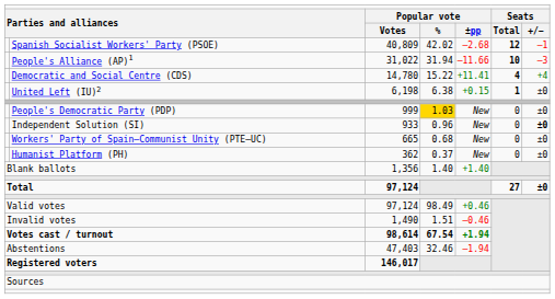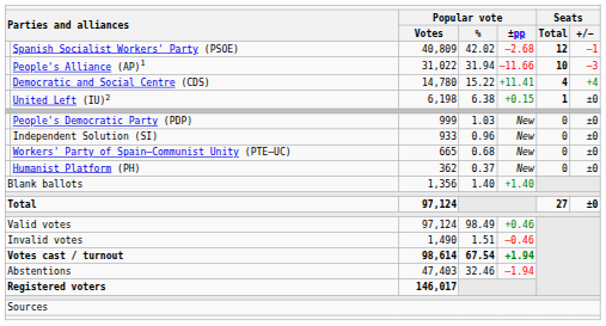 <table class="wikitable" style="text-align:right;">
 <tr>
 <td colspan="7"></td>
 </tr>
 <tr>
 <th style="text-align:left;" rowspan="2" colspan="2" width="525">Parties and alliances</th>
 <th colspan="3">Popular vote</th>
 <th colspan="2">Seats</th>
 </tr>
 <tr>
 <th width="75">Votes</th>
 <th width="45">%</th>
 <th width="45">±<a href='#'>pp</a></th>
 <th width="35">Total</th>
 <th width="35">+/−</th>
 </tr>
 <tr>
 <td width="1" style="color:inherit;background:"></td>
 <td align="left"><a href='#'>Spanish Socialist Workers' Party</a> (PSOE)</td>
 <td>40,809</td>
 <td>42.02</td>
 <td style="color:red;">–2.68</td>
 <td><strong>12</strong></td>
 <td style="color:red;">–1</td>
 </tr>
 <tr>
 <td style="color:inherit;background:"></td>
 <td align="left"><a href='#'>People's Alliance</a> (AP)<sup>1</sup></td>
 <td>31,022</td>
 <td>31.94</td>
 <td style="color:red;">–11.66</td>
 <td><strong>10</strong></td>
 <td style="color:red;">–3</td>
 </tr>
 <tr>
 <td style="color:inherit;background:"></td>
 <td align="left"><a href='#'>Democratic and Social Centre</a> (CDS)</td>
 <td>14,780</td>
 <td>15.22</td>
 <td style="color:green;">+11.41</td>
 <td><strong>4</strong></td>
 <td style="color:green;">+4</td>
 </tr>
 <tr>
 <td style="color:inherit;background:"></td>
 <td align="left"><a href='#'>United Left</a> (IU)<sup>2</sup></td>
 <td>6,198</td>
 <td>6.38</td>
 <td style="color:green;">+0.15</td>
 <td><strong>1</strong></td>
 <td>±0</td>
 </tr>
 <tr>
 <td colspan="7" bgcolor="#C0C0C0"></td>
 </tr>
 <tr>
 <td style="color:inherit;background:"></td>
 <td align="left"><a href='#'>People's Democratic Party</a> (PDP)</td>
 <td>999</td>
-<td style="background: gold;">1.03</td>
+<td>1.03</td>
 <td><em>New</em></td>
 <td>0</td>
 <td>±0</td>
 </tr>
 <tr>
 <td style="color:inherit;background:"></td>
 <td align="left">Independent Solution (SI)</td>
 <td>933</td>
 <td>0.96</td>
 <td><em>New</em></td>
 <td>0</td>
-<td><strong>±0</strong></td>
+<td>±0</td>
 </tr>
 <tr>
 <td style="color:inherit;background:"></td>
 <td align="left"><a href='#'>Workers' Party of Spain–Communist Unity</a> (PTE–UC)</td>
 <td>665</td>
 <td>0.68</td>
 <td><em>New</em></td>
 <td>0</td>
 <td>±0</td>
 </tr>
 <tr>
 <td style="color:inherit;background:"></td>
 <td align="left"><a href='#'>Humanist Platform</a> (PH)</td>
 <td>362</td>
 <td>0.37</td>
 <td><em>New</em></td>
 <td>0</td>
 <td>±0</td>
 </tr>
 <tr>
 <td align="left" colspan="2">Blank ballots</td>
 <td>1,356</td>
 <td>1.40</td>
 <td style="color:green;">+1.40</td>
 <td bgcolor="#E9E9E9" colspan="2"></td>
 </tr>
 <tr>
 <td colspan="7" bgcolor="#E9E9E9"></td>
 </tr>
 <tr style="font-weight:bold;">
 <td align="left" colspan="2">Total</td>
 <td>97,124</td>
 <td bgcolor="#E9E9E9" colspan="2"></td>
 <td>27</td>
 <td>±0</td>
 </tr>
 <tr>
 <td colspan="7" bgcolor="#E9E9E9"></td>
 </tr>
 <tr>
 <td align="left" colspan="2">Valid votes</td>
 <td>97,124</td>
 <td>98.49</td>
 <td style="color:green;">+0.46</td>
 <td bgcolor="#E9E9E9" colspan="2" rowspan="5"></td>
 </tr>
 <tr>
 <td align="left" colspan="2">Invalid votes</td>
 <td>1,490</td>
 <td>1.51</td>
 <td style="color:red;">–0.46</td>
 </tr>
 <tr style="font-weight:bold;">
 <td align="left" colspan="2">Votes cast / turnout</td>
 <td>98,614</td>
 <td>67.54</td>
 <td style="color:green;">+1.94</td>
 </tr>
 <tr>
 <td align="left" colspan="2">Abstentions</td>
 <td>47,403</td>
 <td>32.46</td>
 <td style="color:red;">–1.94</td>
 </tr>
 <tr style="font-weight:bold;">
 <td align="left" colspan="2">Registered voters</td>
 <td>146,017</td>
 <td bgcolor="#E9E9E9" colspan="2"></td>
 </tr>
 <tr>
 <td colspan="7" bgcolor="#E9E9E9"></td>
 </tr>
 <tr>
 <td align="left" colspan="7">Sources</td>
 </tr>
 <tr>
 <td colspan="7" style="text-align:left; max-width:790px;"></td>
 </tr>
 </table>
